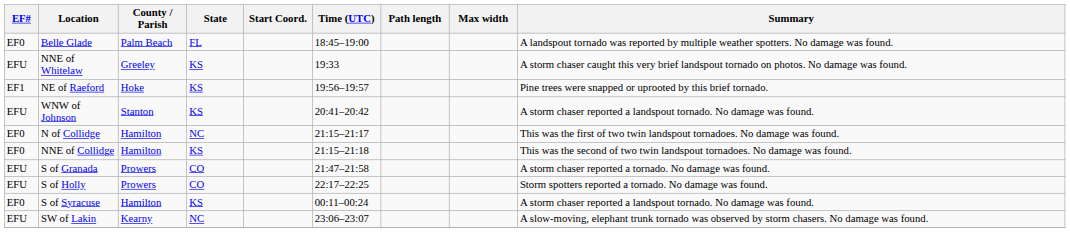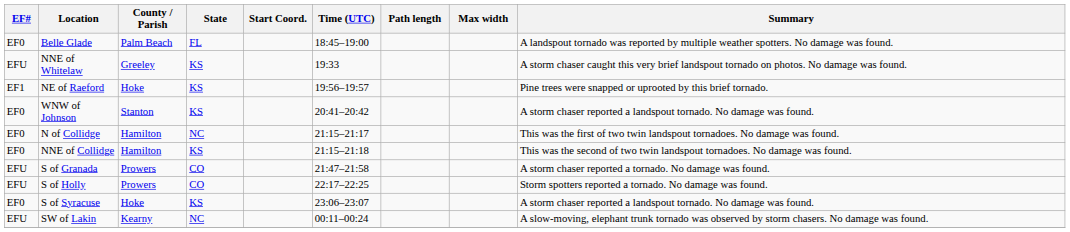 <table class="wikitable sortable" style="width:100%;">
 <tr>
 <th scope="col"  style="width:3%; text-align:center;"><a href='#'>EF#</a></th>
 <th scope="col"  style="width:7%; text-align:center;" class="unsortable">Location</th>
 <th scope="col"  style="width:6%; text-align:center;" class="unsortable">County / Parish</th>
 <th scope="col"  style="width:5%; text-align:center;">State</th>
 <th scope="col"  style="width:6%; text-align:center;">Start Coord.</th>
 <th scope="col"  style="width:6%; text-align:center;">Time (<a href='#'>UTC</a>)</th>
 <th scope="col"  style="width:6%; text-align:center;">Path length</th>
 <th scope="col"  style="width:6%; text-align:center;">Max width</th>
 <th scope="col" class="unsortable" style="width:48%; text-align:center;">Summary</th>
 </tr>
 <tr>
 <td>EF0</td>
 <td><a href='#'>Belle Glade</a></td>
 <td><a href='#'>Palm Beach</a></td>
 <td><a href='#'>FL</a></td>
 <td></td>
 <td>18:45–19:00</td>
 <td></td>
 <td></td>
 <td>A landspout tornado was reported by multiple weather spotters. No damage was found.</td>
 </tr>
 <tr>
 <td>EFU</td>
 <td>NNE of <a href='#'>Whitelaw</a></td>
 <td><a href='#'>Greeley</a></td>
 <td><a href='#'>KS</a></td>
 <td></td>
 <td>19:33</td>
 <td></td>
 <td></td>
 <td>A storm chaser caught this very brief landspout tornado on photos. No damage was found.</td>
 </tr>
 <tr>
 <td>EF1</td>
 <td>NE of <a href='#'>Raeford</a></td>
 <td><a href='#'>Hoke</a></td>
 <td><a href='#'>KS</a></td>
 <td></td>
 <td>19:56–19:57</td>
 <td></td>
 <td></td>
 <td>Pine trees were snapped or uprooted by this brief tornado.</td>
 </tr>
 <tr>
-<td>EFU</td>
+<td>EF0</td>
 <td>WNW of <a href='#'>Johnson</a></td>
 <td><a href='#'>Stanton</a></td>
 <td><a href='#'>KS</a></td>
 <td></td>
 <td>20:41–20:42</td>
 <td></td>
 <td></td>
 <td>A storm chaser reported a landspout tornado. No damage was found.</td>
 </tr>
 <tr>
 <td>EF0</td>
 <td>N of <a href='#'>Collidge</a></td>
 <td><a href='#'>Hamilton</a></td>
 <td><a href='#'>NC</a></td>
 <td></td>
 <td>21:15–21:17</td>
 <td></td>
 <td></td>
 <td>This was the first of two twin landspout tornadoes. No damage was found.</td>
 </tr>
 <tr>
 <td>EF0</td>
 <td>NNE of <a href='#'>Collidge</a></td>
 <td><a href='#'>Hamilton</a></td>
 <td><a href='#'>KS</a></td>
 <td></td>
 <td>21:15–21:18</td>
 <td></td>
 <td></td>
 <td>This was the second of two twin landspout tornadoes. No damage was found.</td>
 </tr>
 <tr>
 <td>EFU</td>
 <td>S of <a href='#'>Granada</a></td>
 <td><a href='#'>Prowers</a></td>
 <td><a href='#'>CO</a></td>
 <td></td>
 <td>21:47–21:58</td>
 <td></td>
 <td></td>
 <td>A storm chaser reported a tornado. No damage was found.</td>
 </tr>
 <tr>
 <td>EFU</td>
 <td>S of <a href='#'>Holly</a></td>
 <td><a href='#'>Prowers</a></td>
 <td><a href='#'>CO</a></td>
 <td></td>
 <td>22:17–22:25</td>
 <td></td>
 <td></td>
 <td>Storm spotters reported a tornado. No damage was found.</td>
 </tr>
 <tr>
 <td>EF0</td>
 <td>S of <a href='#'>Syracuse</a></td>
-<td><a href='#'>Hamilton</a></td>
+<td><a href='#'>Hoke</a></td>
 <td><a href='#'>KS</a></td>
 <td></td>
-<td>00:11–00:24</td>
+<td>23:06–23:07</td>
 <td></td>
 <td></td>
 <td>A storm chaser reported a landspout tornado. No damage was found.</td>
 </tr>
 <tr>
 <td>EFU</td>
 <td>SW of <a href='#'>Lakin</a></td>
 <td><a href='#'>Kearny</a></td>
 <td><a href='#'>NC</a></td>
 <td></td>
-<td>23:06–23:07</td>
+<td>00:11–00:24</td>
 <td></td>
 <td></td>
 <td>A slow-moving, elephant trunk tornado was observed by storm chasers. No damage was found.</td>
 </tr>
 <tr>
 </tr>
 </table>
